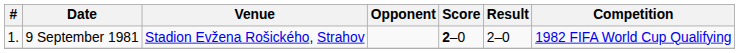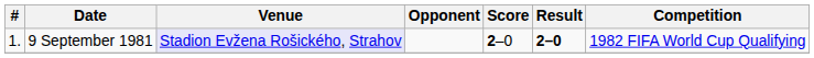 <table class="wikitable">
 <tr>
 <th>#</th>
 <th>Date</th>
 <th>Venue</th>
 <th>Opponent</th>
 <th>Score</th>
 <th>Result</th>
 <th>Competition</th>
 </tr>
 <tr>
 <td>1.</td>
 <td>9 September 1981</td>
-<td><a href='#'>Stadion Evžena Rošického</a>, <a href='#'>Strahov</a></td>
+<td style="background: lavender;"><a href='#'>Stadion Evžena Rošického</a>, <a href='#'>Strahov</a></td>
 <td></td>
 <td><strong>2</strong>–0</td>
-<td>2–0</td>
+<td><strong>2–0</strong></td>
 <td><a href='#'>1982 FIFA World Cup Qualifying</a></td>
 </tr>
 <tr>
 </tr>
 </table>
